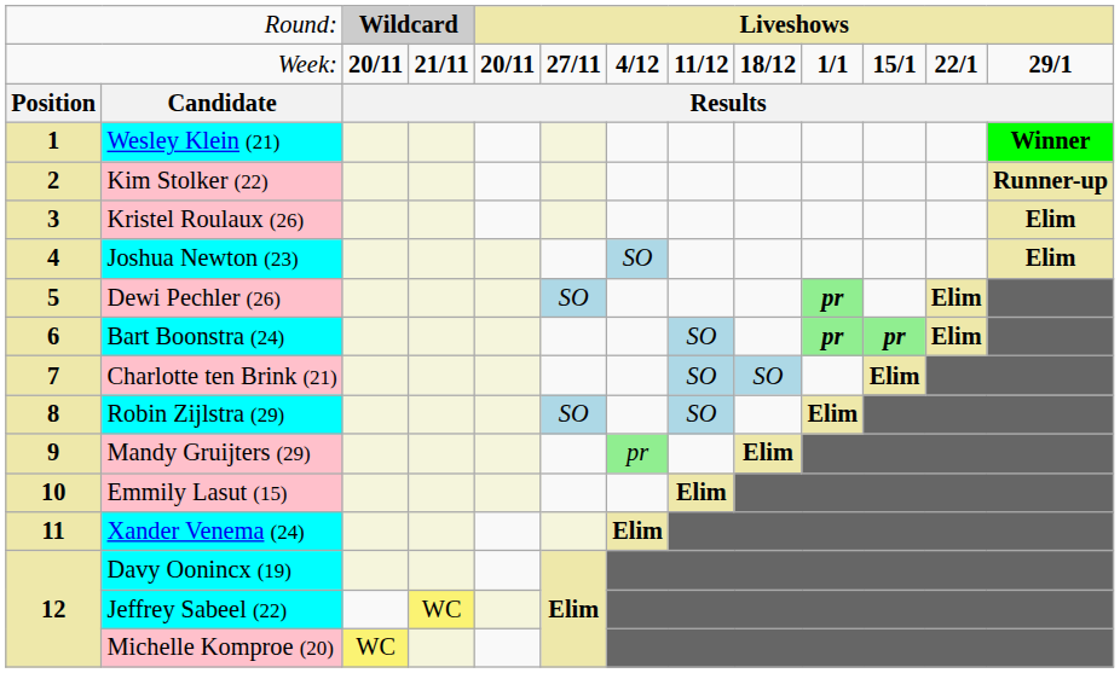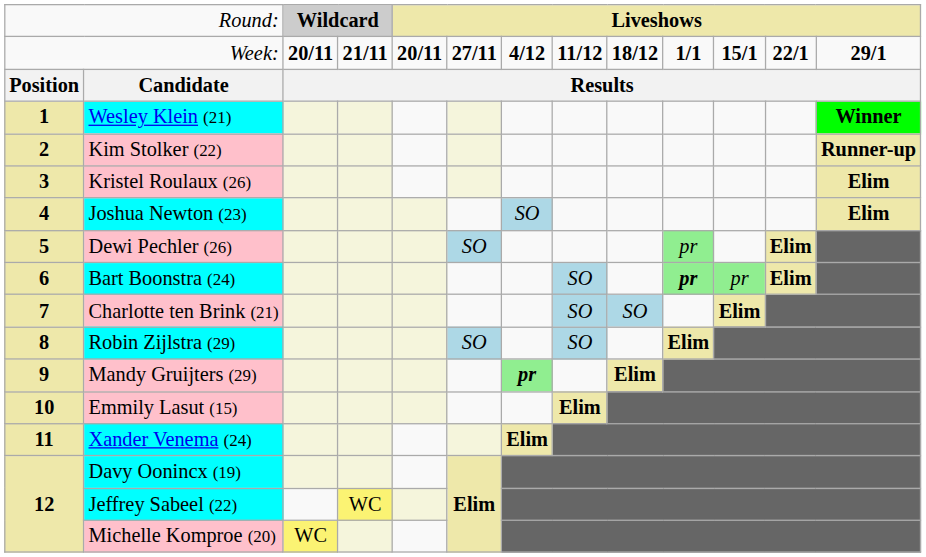 <table class="wikitable" style="margin:1em auto;">
 <tr>
 <td colspan="2" align="right"><em>Round:</em></td>
 <td colspan="2" bgcolor="CCCCCC" align="Center"><strong>Wildcard</strong></td>
 <td colspan="11" bgcolor="palegoldenrod" align="Center"><strong>Liveshows</strong></td>
 </tr>
 <tr>
 <td colspan="2" align="right"><em>Week:</em></td>
 <td align="center"><strong>20/11</strong></td>
 <td align="center"><strong>21/11</strong></td>
 <td align="center"><strong>20/11</strong></td>
 <td align="center"><strong>27/11</strong></td>
 <td align="center"><strong>4/12</strong></td>
 <td align="center"><strong>11/12</strong></td>
 <td align="center"><strong>18/12</strong></td>
 <td align="center"><strong>1/1</strong></td>
 <td align="center"><strong>15/1</strong></td>
 <td align="center"><strong>22/1</strong></td>
 <td align="center"><strong>29/1</strong></td>
 </tr>
 <tr>
 <th>Position</th>
 <th>Candidate</th>
 <th colspan="14" align="center">Results</th>
 </tr>
 <tr>
 <td align="center" bgcolor="palegoldenrod"><strong>1</strong></td>
 <td bgcolor="cyan"><a href='#'>Wesley Klein</a> <small>(21)</small></td>
 <td bgcolor="F5F5DC"></td>
 <td bgcolor="F5F5DC"></td>
 <td></td>
 <td bgcolor="F5F5DC"></td>
 <td></td>
 <td></td>
 <td></td>
 <td></td>
 <td></td>
 <td></td>
 <td bgcolor="lime" align="center"><strong>Winner</strong></td>
 </tr>
 <tr>
 <td align="center" bgcolor="palegoldenrod"><strong>2</strong></td>
 <td bgcolor="pink">Kim Stolker <small>(22)</small></td>
 <td bgcolor="F5F5DC"></td>
 <td bgcolor="F5F5DC"></td>
 <td></td>
 <td bgcolor="F5F5DC"></td>
 <td></td>
 <td></td>
 <td></td>
 <td></td>
 <td></td>
 <td></td>
 <td bgcolor="palegoldenrod" align="center"><strong>Runner-up</strong></td>
 </tr>
 <tr>
 <td align="center" bgcolor="palegoldenrod"><strong>3</strong></td>
 <td bgcolor="pink">Kristel Roulaux <small>(26)</small></td>
 <td bgcolor="F5F5DC"></td>
 <td bgcolor="F5F5DC"></td>
 <td></td>
 <td bgcolor="F5F5DC"></td>
 <td></td>
 <td></td>
 <td></td>
 <td></td>
 <td></td>
 <td></td>
 <td bgcolor="palegoldenrod" align="center"><strong>Elim</strong></td>
 </tr>
 <tr>
 <td align="center" bgcolor="palegoldenrod"><strong>4</strong></td>
 <td bgcolor="cyan">Joshua Newton <small>(23)</small></td>
 <td bgcolor="F5F5DC"></td>
 <td bgcolor="F5F5DC"></td>
 <td bgcolor="F5F5DC"></td>
 <td></td>
 <td bgcolor="Lightblue" align="center"><em>SO</em></td>
 <td></td>
 <td></td>
 <td></td>
 <td></td>
 <td></td>
 <td bgcolor="palegoldenrod" align="center"><strong>Elim</strong></td>
 </tr>
 <tr>
 <td align="center" bgcolor="palegoldenrod"><strong>5</strong></td>
 <td bgcolor="pink">Dewi Pechler <small>(26)</small></td>
 <td bgcolor="F5F5DC"></td>
 <td bgcolor="F5F5DC"></td>
 <td bgcolor="F5F5DC"></td>
 <td bgcolor="Lightblue" align="center"><em>SO</em></td>
 <td></td>
 <td></td>
 <td></td>
-<td bgcolor="Lightgreen" align="center"><strong><em>pr</em></strong></td>
+<td bgcolor="Lightgreen" align="center"><em>pr</em></td>
 <td></td>
 <td bgcolor="palegoldenrod" align="center"><strong>Elim</strong></td>
 <td colspan="4" bgcolor="666666"></td>
 </tr>
 <tr>
 <td align="center" bgcolor="palegoldenrod"><strong>6</strong></td>
 <td bgcolor="cyan">Bart Boonstra <small>(24)</small></td>
 <td bgcolor="F5F5DC"></td>
 <td bgcolor="F5F5DC"></td>
 <td bgcolor="F5F5DC"></td>
 <td></td>
 <td></td>
 <td bgcolor="Lightblue" align="center"><em>SO</em></td>
 <td></td>
 <td bgcolor="Lightgreen" align="center"><strong><em>pr</em></strong></td>
-<td bgcolor="Lightgreen" align="center"><strong><em>pr</em></strong></td>
+<td bgcolor="Lightgreen" align="center"><em>pr</em></td>
 <td bgcolor="palegoldenrod" align="center"><strong>Elim</strong></td>
 <td colspan="4" bgcolor="666666"></td>
 </tr>
 <tr>
 <td align="center" bgcolor="palegoldenrod"><strong>7</strong></td>
 <td bgcolor="pink">Charlotte ten Brink <small>(21)</small></td>
 <td bgcolor="F5F5DC"></td>
 <td bgcolor="F5F5DC"></td>
 <td bgcolor="F5F5DC"></td>
 <td></td>
 <td></td>
 <td bgcolor="Lightblue" align="center"><em>SO</em></td>
 <td bgcolor="Lightblue" align="center"><em>SO</em></td>
 <td></td>
 <td bgcolor="palegoldenrod" align="center"><strong>Elim</strong></td>
 <td colspan="4" bgcolor="666666"></td>
 </tr>
 <tr>
 <td align="center" bgcolor="palegoldenrod"><strong>8</strong></td>
 <td bgcolor="cyan">Robin Zijlstra <small>(29)</small></td>
 <td bgcolor="F5F5DC"></td>
 <td bgcolor="F5F5DC"></td>
 <td bgcolor="F5F5DC"></td>
 <td bgcolor="Lightblue" align="center"><em>SO</em></td>
 <td></td>
 <td bgcolor="Lightblue" align="center"><em>SO</em></td>
 <td></td>
 <td bgcolor="palegoldenrod" align="center"><strong>Elim</strong></td>
 <td colspan="5" bgcolor="666666"></td>
 </tr>
 <tr>
 <td align="center" bgcolor="palegoldenrod"><strong>9</strong></td>
 <td bgcolor="pink">Mandy Gruijters <small>(29)</small></td>
 <td bgcolor="F5F5DC"></td>
 <td bgcolor="F5F5DC"></td>
 <td bgcolor="F5F5DC"></td>
 <td></td>
-<td bgcolor="Lightgreen" align="center"><em>pr</em></td>
+<td bgcolor="Lightgreen" align="center"><strong><em>pr</em></strong></td>
 <td></td>
 <td bgcolor="palegoldenrod" align="center"><strong>Elim</strong></td>
 <td colspan="6" bgcolor="666666"></td>
 </tr>
 <tr>
 <td align="center" bgcolor="palegoldenrod"><strong>10</strong></td>
 <td bgcolor="pink">Emmily Lasut <small>(15)</small></td>
 <td bgcolor="F5F5DC"></td>
 <td bgcolor="F5F5DC"></td>
 <td bgcolor="F5F5DC"></td>
 <td></td>
 <td></td>
 <td bgcolor="palegoldenrod" align="center"><strong>Elim</strong></td>
 <td colspan="7" bgcolor="666666"></td>
 </tr>
 <tr>
 <td align="center" bgcolor="palegoldenrod"><strong>11</strong></td>
 <td bgcolor="cyan"><a href='#'>Xander Venema</a> <small>(24)</small></td>
 <td bgcolor="F5F5DC"></td>
 <td bgcolor="F5F5DC"></td>
 <td></td>
 <td bgcolor="F5F5DC"></td>
 <td bgcolor="palegoldenrod" align="center"><strong>Elim</strong></td>
 <td colspan="8" bgcolor="666666"></td>
 </tr>
 <tr>
 <td align="center" rowspan="3" bgcolor="palegoldenrod"><strong>12</strong></td>
 <td bgcolor="cyan">Davy Oonincx <small>(19)</small></td>
 <td bgcolor="F5F5DC"></td>
 <td bgcolor="F5F5DC"></td>
 <td></td>
 <td bgcolor="palegoldenrod" rowspan="3" align="center"><strong>Elim</strong></td>
 <td colspan="9" bgcolor="666666"></td>
 </tr>
 <tr>
 <td bgcolor="cyan">Jeffrey Sabeel <small>(22)</small></td>
 <td></td>
 <td bgcolor="#FBF373" align="center">WC</td>
 <td bgcolor="F5F5DC"></td>
 <td colspan="9" bgcolor="666666"></td>
 </tr>
 <tr>
 <td bgcolor="pink">Michelle Komproe <small>(20)</small></td>
 <td bgcolor="#FBF373" align="center">WC</td>
 <td bgcolor="F5F5DC"></td>
 <td></td>
 <td colspan="9" bgcolor="666666"></td>
 </tr>
 </table>
